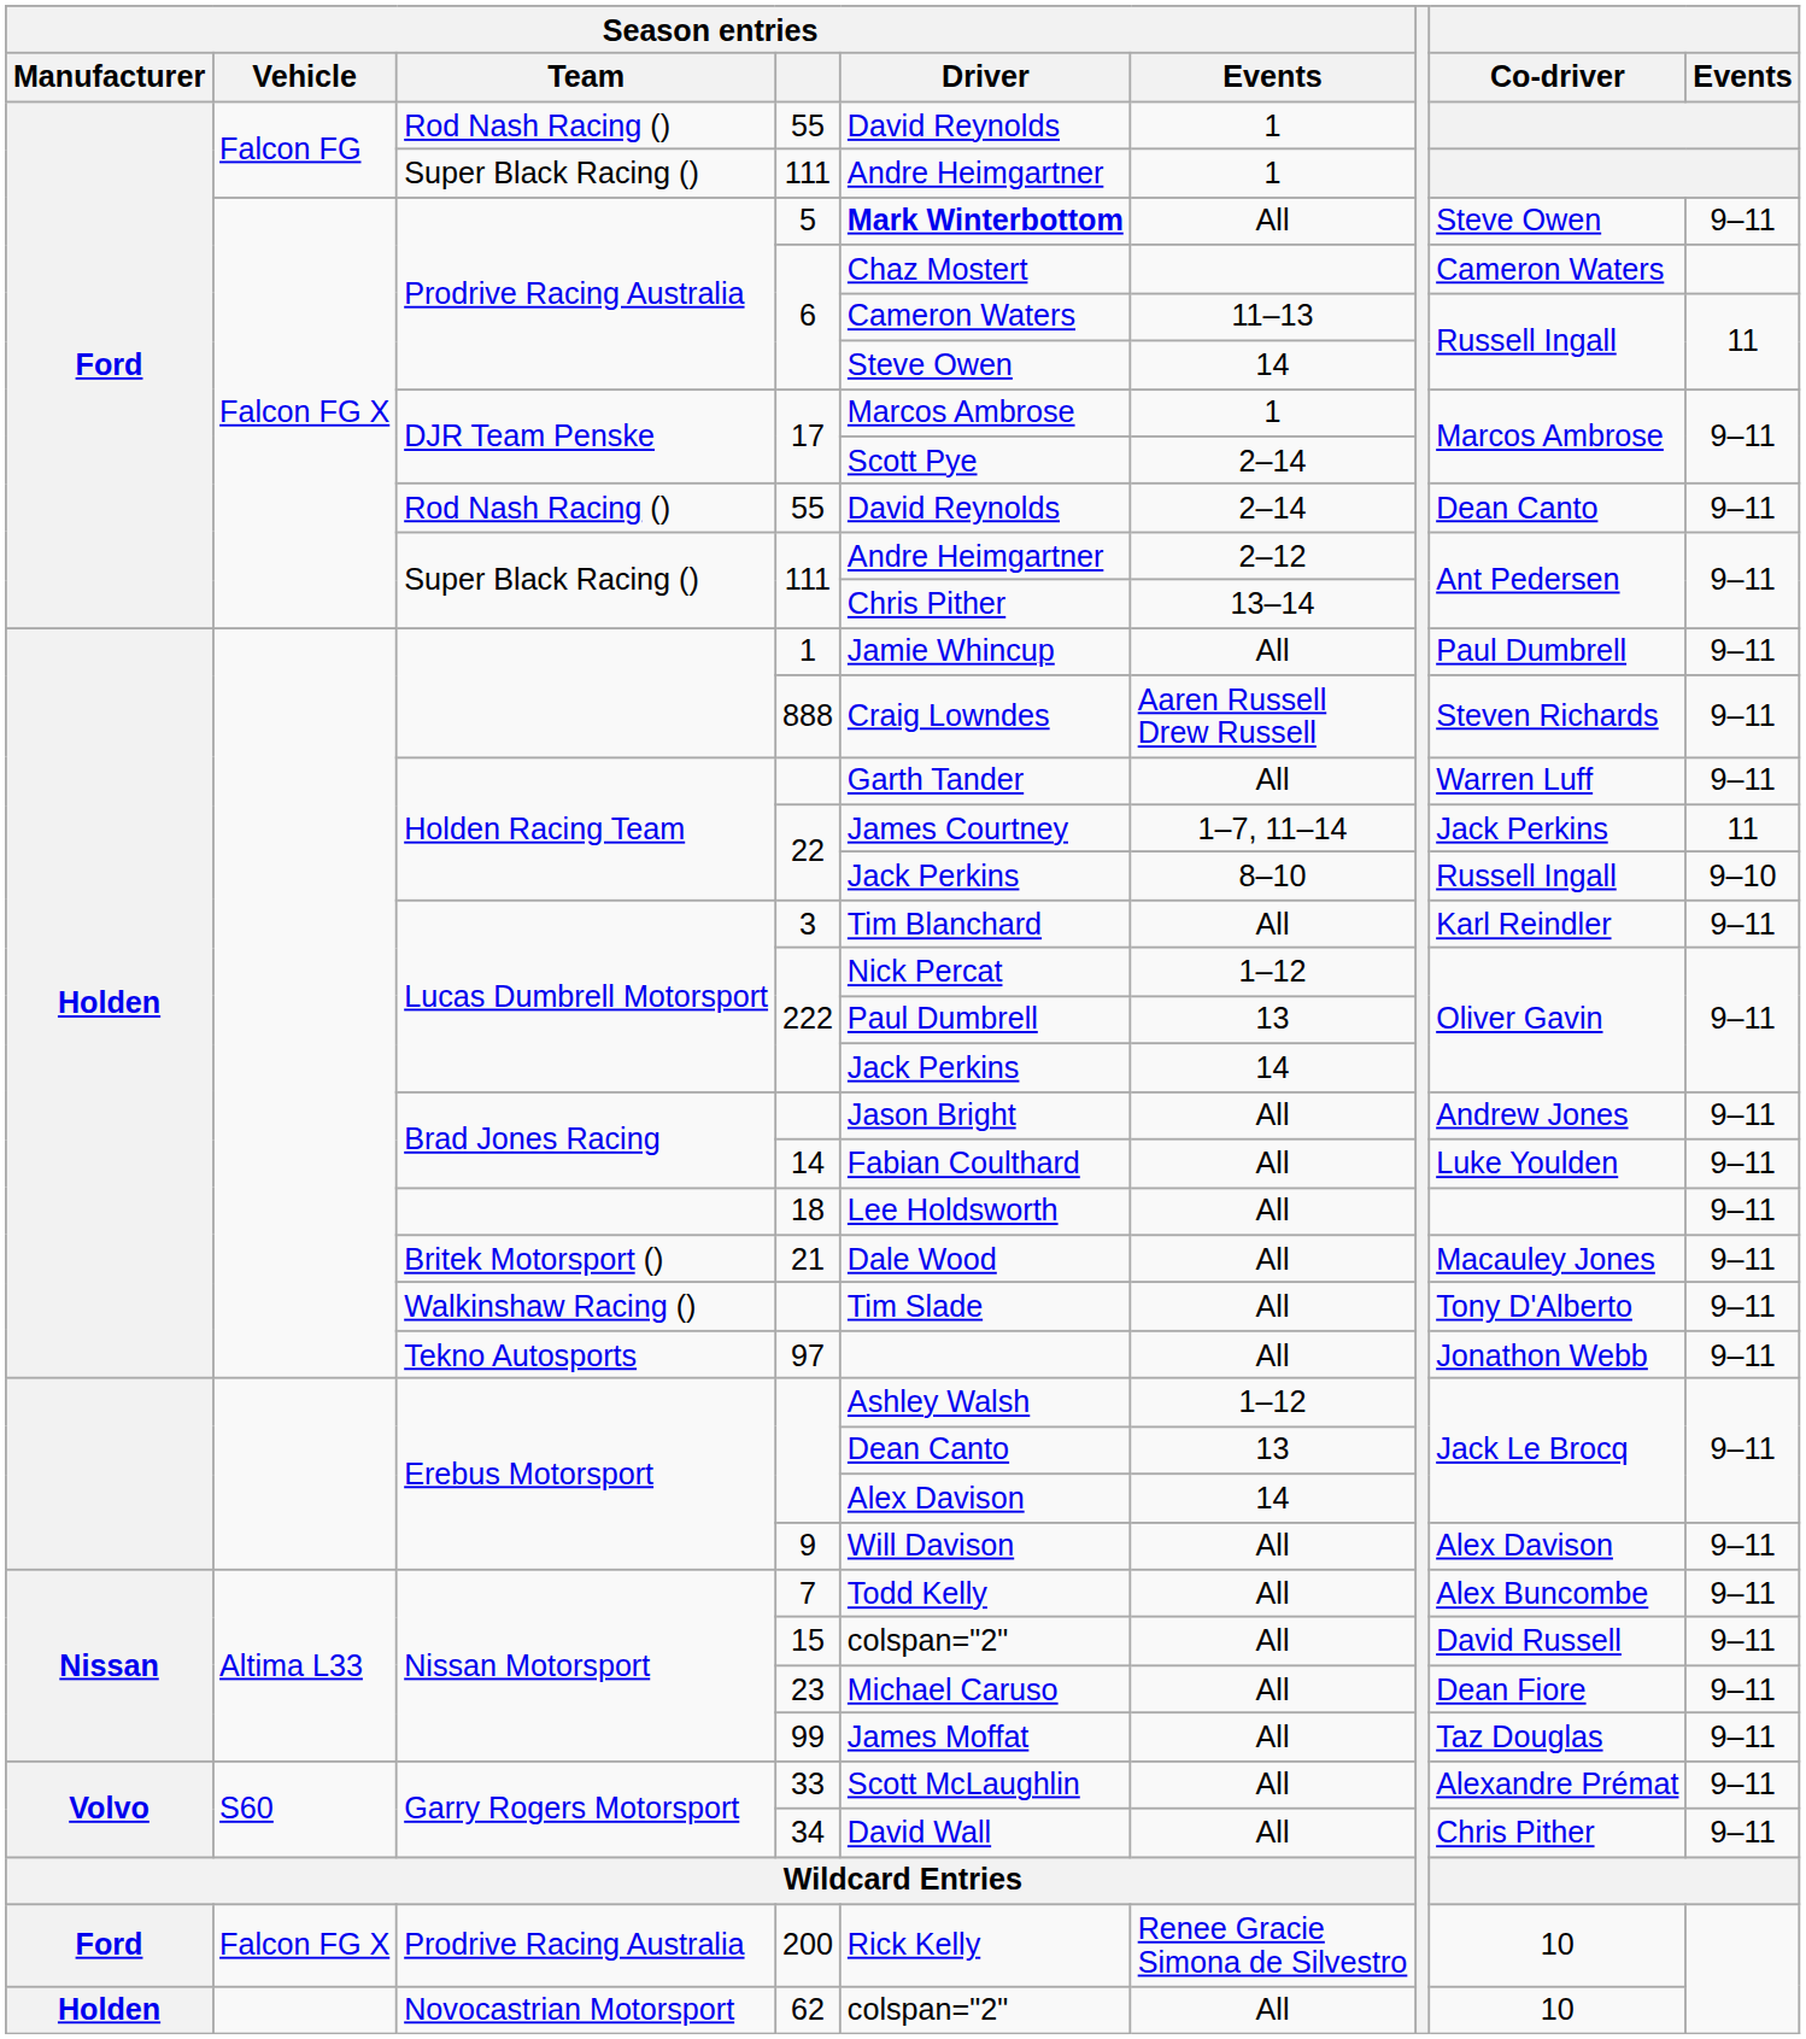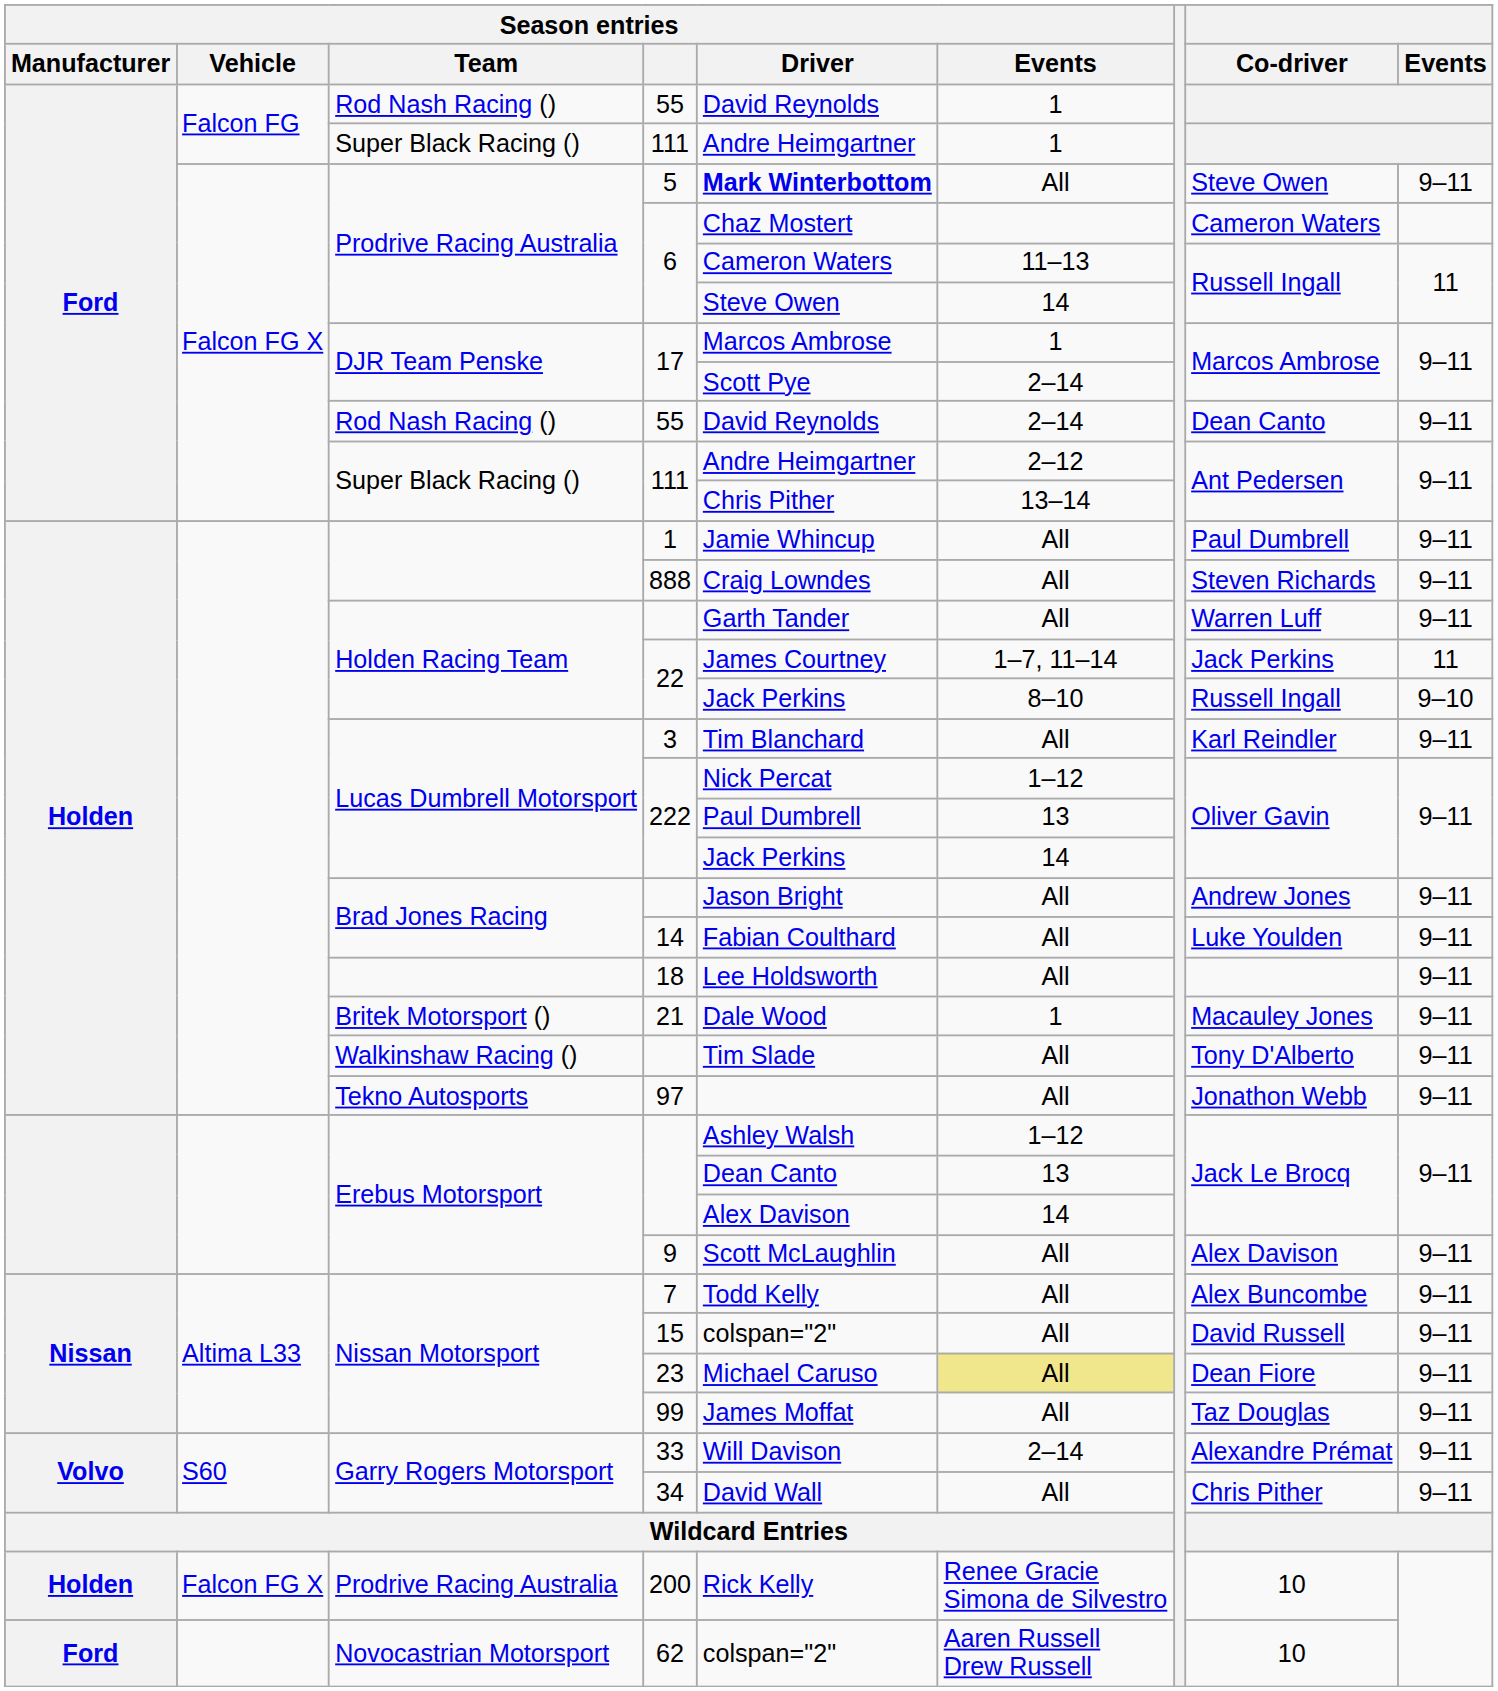 <table class="wikitable" style="font-size: 85%">
 <tr>
 <th colspan="6">Season entries</th>
 <th rowspan="41"></th>
 <th colspan="2"></th>
 </tr>
 <tr>
 <th>Manufacturer</th>
 <th>Vehicle</th>
 <th>Team</th>
 <th valign="middle"></th>
 <th>Driver</th>
 <th>Events</th>
 <th>Co-driver</th>
 <th>Events</th>
 </tr>
 <tr>
 <th rowspan=11><a href='#'>Ford</a></th>
 <td rowspan=2><a href='#'>Falcon FG</a></td>
 <td><a href='#'>Rod Nash Racing</a> ()</td>
 <td align="center">55</td>
 <td> <a href='#'>David Reynolds</a></td>
 <td align="center">1</td>
 <th colspan=2></th>
 </tr>
 <tr>
 <td>Super Black Racing ()</td>
 <td align="center">111</td>
 <td> <a href='#'>Andre Heimgartner</a></td>
 <td align="center">1</td>
 <th colspan=2></th>
 </tr>
 <tr>
 <td rowspan="9"><a href='#'>Falcon FG X</a></td>
 <td rowspan="4"><a href='#'>Prodrive Racing Australia</a></td>
 <td align="center">5</td>
 <td><strong> <a href='#'>Mark Winterbottom</a></strong></td>
 <td align="center">All</td>
 <td> <a href='#'>Steve Owen</a></td>
 <td align="center">9–11</td>
 </tr>
 <tr>
 <td rowspan="3" align="center">6</td>
 <td> <a href='#'>Chaz Mostert</a></td>
 <td align="center"></td>
 <td> <a href='#'>Cameron Waters</a></td>
 <td align="center"></td>
 </tr>
 <tr>
 <td> <a href='#'>Cameron Waters</a></td>
 <td align="center">11–13</td>
 <td rowspan=2> <a href='#'>Russell Ingall</a></td>
 <td rowspan="2" align="center">11</td>
 </tr>
 <tr>
 <td> <a href='#'>Steve Owen</a></td>
 <td align="center">14</td>
 </tr>
 <tr>
 <td rowspan="2"><a href='#'>DJR Team Penske</a></td>
 <td rowspan="2" align="center">17</td>
 <td> <a href='#'>Marcos Ambrose</a></td>
 <td align="center">1</td>
 <td rowspan=2> <a href='#'>Marcos Ambrose</a></td>
 <td rowspan="2" align="center">9–11</td>
 </tr>
 <tr>
 <td> <a href='#'>Scott Pye</a></td>
 <td align="center">2–14</td>
 </tr>
 <tr>
 <td><a href='#'>Rod Nash Racing</a> ()</td>
 <td align="center">55</td>
 <td> <a href='#'>David Reynolds</a></td>
 <td align="center">2–14</td>
 <td> <a href='#'>Dean Canto</a></td>
 <td align="center">9–11</td>
 </tr>
 <tr>
 <td rowspan=2>Super Black Racing ()</td>
 <td rowspan="2" align="center">111</td>
 <td> <a href='#'>Andre Heimgartner</a></td>
 <td align="center">2–12</td>
 <td rowspan=2> <a href='#'>Ant Pedersen</a></td>
 <td rowspan="2" align="center">9–11</td>
 </tr>
 <tr>
 <td> <a href='#'>Chris Pither</a></td>
 <td align="center">13–14</td>
 </tr>
 <tr>
 <th rowspan=15><a href='#'>Holden</a></th>
 <td rowspan="15"></td>
 <td rowspan="2"></td>
 <td align="center">1</td>
 <td> <a href='#'>Jamie Whincup</a></td>
 <td align="center">All</td>
 <td> <a href='#'>Paul Dumbrell</a></td>
 <td align="center">9–11</td>
 </tr>
 <tr>
 <td align="center">888</td>
 <td> <a href='#'>Craig Lowndes</a></td>
-<td> <a href='#'>Aaren Russell</a><br> <a href='#'>Drew Russell</a></td>
+<td align="center">All</td>
 <td> <a href='#'>Steven Richards</a></td>
 <td align="center">9–11</td>
 </tr>
 <tr>
 <td rowspan="3"><a href='#'>Holden Racing Team</a></td>
 <td align="center"></td>
 <td> <a href='#'>Garth Tander</a></td>
 <td align="center">All</td>
 <td> <a href='#'>Warren Luff</a></td>
 <td align="center">9–11</td>
 </tr>
 <tr>
 <td rowspan="2" align="center">22</td>
 <td> <a href='#'>James Courtney</a></td>
 <td align="center">1–7, 11–14</td>
 <td> <a href='#'>Jack Perkins</a></td>
 <td align="center">11</td>
 </tr>
 <tr>
 <td> <a href='#'>Jack Perkins</a></td>
 <td align="center">8–10</td>
 <td> <a href='#'>Russell Ingall</a></td>
 <td align="center">9–10</td>
 </tr>
 <tr>
 <td rowspan="4"><a href='#'>Lucas Dumbrell Motorsport</a></td>
 <td align="center">3</td>
 <td> <a href='#'>Tim Blanchard</a></td>
 <td align="center">All</td>
 <td> <a href='#'>Karl Reindler</a></td>
 <td align="center">9–11</td>
 </tr>
 <tr>
 <td rowspan="3" align="center">222</td>
 <td> <a href='#'>Nick Percat</a></td>
 <td align="center">1–12</td>
 <td rowspan=3> <a href='#'>Oliver Gavin</a></td>
 <td rowspan="3" align="center">9–11</td>
 </tr>
 <tr>
 <td> <a href='#'>Paul Dumbrell</a></td>
 <td align="center">13</td>
 </tr>
 <tr>
 <td> <a href='#'>Jack Perkins</a></td>
 <td align="center">14</td>
 </tr>
 <tr>
 <td rowspan="2"><a href='#'>Brad Jones Racing</a></td>
 <td align="center"></td>
 <td> <a href='#'>Jason Bright</a></td>
 <td align="center">All</td>
 <td> <a href='#'>Andrew Jones</a></td>
 <td align="center">9–11</td>
 </tr>
 <tr>
 <td align="center">14</td>
 <td> <a href='#'>Fabian Coulthard</a></td>
 <td align="center">All</td>
 <td> <a href='#'>Luke Youlden</a></td>
 <td align="center">9–11</td>
 </tr>
 <tr>
 <td></td>
 <td align="center">18</td>
 <td> <a href='#'>Lee Holdsworth</a></td>
 <td align="center">All</td>
 <td></td>
 <td align="center">9–11</td>
 </tr>
 <tr>
 <td><a href='#'>Britek Motorsport</a> ()</td>
 <td align="center">21</td>
 <td> <a href='#'>Dale Wood</a></td>
-<td align="center">All</td>
+<td align="center">1</td>
 <td> <a href='#'>Macauley Jones</a></td>
 <td align="center">9–11</td>
 </tr>
 <tr>
 <td><a href='#'>Walkinshaw Racing</a> ()</td>
 <td align="center"></td>
 <td> <a href='#'>Tim Slade</a></td>
 <td align="center">All</td>
 <td> <a href='#'>Tony D'Alberto</a></td>
 <td align="center">9–11</td>
 </tr>
 <tr>
 <td><a href='#'>Tekno Autosports</a></td>
 <td align="center">97</td>
 <td></td>
 <td align="center">All</td>
 <td> <a href='#'>Jonathon Webb</a></td>
 <td align="center">9–11</td>
 </tr>
 <tr>
 <th rowspan=4></th>
 <td rowspan="4"></td>
 <td rowspan="4"><a href='#'>Erebus Motorsport</a></td>
 <td rowspan="3" align="center"></td>
 <td> <a href='#'>Ashley Walsh</a></td>
 <td align="center">1–12</td>
 <td rowspan=3> <a href='#'>Jack Le Brocq</a></td>
 <td rowspan="3" align="center">9–11</td>
 </tr>
 <tr>
 <td> <a href='#'>Dean Canto</a></td>
 <td align="center">13</td>
 </tr>
 <tr>
 <td> <a href='#'>Alex Davison</a></td>
 <td align="center">14</td>
 </tr>
 <tr>
 <td align="center">9</td>
-<td> <a href='#'>Will Davison</a></td>
+<td> <a href='#'>Scott McLaughlin</a></td>
 <td align="center">All</td>
 <td> <a href='#'>Alex Davison</a></td>
 <td align="center">9–11</td>
 </tr>
 <tr>
 <th rowspan=4><a href='#'>Nissan</a></th>
 <td rowspan="4"><a href='#'>Altima L33</a></td>
 <td rowspan="4"><a href='#'>Nissan Motorsport</a></td>
 <td align="center">7</td>
 <td> <a href='#'>Todd Kelly</a></td>
 <td align="center">All</td>
 <td> <a href='#'>Alex Buncombe</a></td>
 <td align="center">9–11</td>
 </tr>
 <tr>
 <td align="center">15</td>
 <td>colspan="2" </td>
 <td align="center">All</td>
 <td> <a href='#'>David Russell</a></td>
 <td align="center">9–11</td>
 </tr>
 <tr>
 <td align="center">23</td>
 <td> <a href='#'>Michael Caruso</a></td>
-<td align="center">All</td>
+<td align="center" style="background: khaki;">All</td>
 <td> <a href='#'>Dean Fiore</a></td>
 <td align="center">9–11</td>
 </tr>
 <tr>
 <td align="center">99</td>
 <td> <a href='#'>James Moffat</a></td>
 <td align="center">All</td>
 <td> <a href='#'>Taz Douglas</a></td>
 <td align="center">9–11</td>
 </tr>
 <tr>
 <th rowspan=2><a href='#'>Volvo</a></th>
 <td rowspan="2"><a href='#'>S60</a></td>
 <td rowspan="2"><a href='#'>Garry Rogers Motorsport</a></td>
 <td align="center">33</td>
-<td> <a href='#'>Scott McLaughlin</a></td>
-<td align="center">All</td>
+<td> <a href='#'>Will Davison</a></td>
+<td align="center">2–14</td>
 <td> <a href='#'>Alexandre Prémat</a></td>
 <td align="center">9–11</td>
 </tr>
 <tr>
 <td align="center">34</td>
 <td> <a href='#'>David Wall</a></td>
 <td align="center">All</td>
 <td> <a href='#'>Chris Pither</a></td>
 <td align="center">9–11</td>
 </tr>
 <tr>
 <th colspan="9" align="center">Wildcard Entries</th>
 </tr>
 <tr>
-<th><a href='#'>Ford</a></th>
+<th><a href='#'>Holden</a></th>
 <td><a href='#'>Falcon FG X</a></td>
 <td><a href='#'>Prodrive Racing Australia</a></td>
 <td align="center">200</td>
 <td> <a href='#'>Rick Kelly</a></td>
 <td> <a href='#'>Renee Gracie</a><br> <a href='#'>Simona de Silvestro</a></td>
 <td align="center">10</td>
 </tr>
 <tr>
-<th><a href='#'>Holden</a></th>
+<th><a href='#'>Ford</a></th>
 <td></td>
 <td><a href='#'>Novocastrian Motorsport</a></td>
 <td align="center">62</td>
 <td>colspan="2" </td>
-<td align="center">All</td>
+<td> <a href='#'>Aaren Russell</a><br> <a href='#'>Drew Russell</a></td>
 <td align="center">10</td>
 </tr>
 </table>
